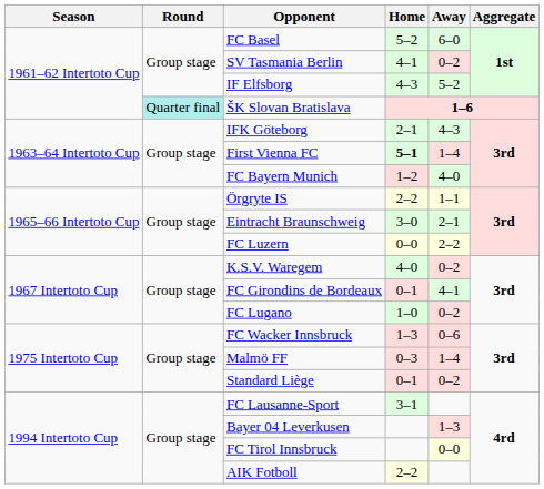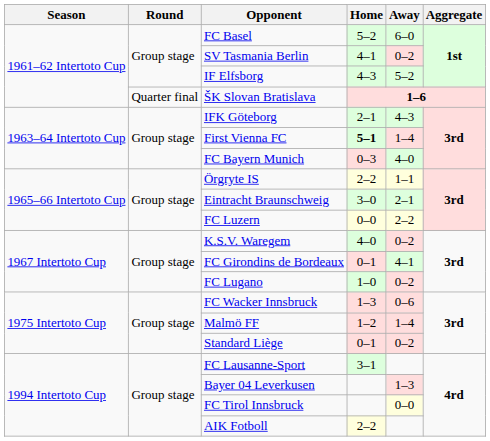 <table class="wikitable">
 <tr>
 <th>Season</th>
 <th>Round</th>
 <th>Opponent</th>
 <th>Home</th>
 <th>Away</th>
 <th>Aggregate</th>
 </tr>
 <tr>
 <td rowspan=4><a href='#'>1961–62 Intertoto Cup</a></td>
 <td rowspan=3>Group stage</td>
 <td> <a href='#'>FC Basel</a></td>
 <td bgcolor="#ddffdd" style="text-align:center;">5–2</td>
 <td bgcolor="#ddffdd" style="text-align:center;">6–0</td>
 <td bgcolor="#ddffdd" style="text-align:center;" rowspan=3><strong>1st</strong></td>
 </tr>
 <tr>
 <td> <a href='#'>SV Tasmania Berlin</a></td>
 <td bgcolor="#ddffdd" style="text-align:center;">4–1</td>
 <td bgcolor="#ffdddd" style="text-align:center;">0–2</td>
 </tr>
 <tr>
 <td> <a href='#'>IF Elfsborg</a></td>
 <td bgcolor="#ddffdd" style="text-align:center;">4–3</td>
 <td bgcolor="#ddffdd" style="text-align:center;">5–2</td>
 </tr>
 <tr>
-<td style="background: paleturquoise;">Quarter final</td>
+<td>Quarter final</td>
 <td> <a href='#'>ŠK Slovan Bratislava</a></td>
 <td colspan=3 bgcolor="#ffdddd" style="text-align:center;"><strong>1–6</strong></td>
 </tr>
 <tr>
 <td rowspan=3><a href='#'>1963–64 Intertoto Cup</a></td>
 <td rowspan=3>Group stage</td>
 <td> <a href='#'>IFK Göteborg</a></td>
 <td bgcolor="#ddffdd" style="text-align:center;">2–1</td>
 <td bgcolor="#ddffdd" style="text-align:center;">4–3</td>
 <td bgcolor="#ffdddd" style="text-align:center;" rowspan=3><strong>3rd</strong></td>
 </tr>
 <tr>
 <td> <a href='#'>First Vienna FC</a></td>
 <td bgcolor="#ddffdd" style="text-align:center;"><strong>5–1</strong></td>
 <td bgcolor="#ffdddd" style="text-align:center;">1–4</td>
 </tr>
 <tr>
 <td> <a href='#'>FC Bayern Munich</a></td>
-<td bgcolor="#ffdddd" style="text-align:center;">1–2</td>
+<td bgcolor="#ffdddd" style="text-align:center;">0–3</td>
 <td bgcolor="#ddffdd" style="text-align:center;">4–0</td>
 </tr>
 <tr>
 <td rowspan=3><a href='#'>1965–66 Intertoto Cup</a></td>
 <td rowspan=3>Group stage</td>
 <td> <a href='#'>Örgryte IS</a></td>
 <td bgcolor="#ffffdd" style="text-align:center;">2–2</td>
 <td bgcolor="#ffffdd" style="text-align:center;">1–1</td>
 <td bgcolor="#ffdddd" style="text-align:center;" rowspan=3><strong>3rd</strong></td>
 </tr>
 <tr>
 <td> <a href='#'>Eintracht Braunschweig</a></td>
 <td bgcolor="#ddffdd" style="text-align:center;">3–0</td>
 <td bgcolor="#ddffdd" style="text-align:center;">2–1</td>
 </tr>
 <tr>
 <td> <a href='#'>FC Luzern</a></td>
 <td bgcolor="#ffffdd" style="text-align:center;">0–0</td>
 <td bgcolor="#ffffdd" style="text-align:center;">2–2</td>
 </tr>
 <tr>
 <td rowspan=3><a href='#'>1967 Intertoto Cup</a></td>
 <td rowspan=3>Group stage</td>
 <td> <a href='#'>K.S.V. Waregem</a></td>
 <td bgcolor="#ddffdd" style="text-align:center;">4–0</td>
 <td bgcolor="#ffdddd" style="text-align:center;">0–2</td>
 <td style="text-align:center;" rowspan=3><strong>3rd</strong></td>
 </tr>
 <tr>
 <td> <a href='#'>FC Girondins de Bordeaux</a></td>
 <td bgcolor="#ffdddd" style="text-align:center;">0–1</td>
 <td bgcolor="#ddffdd" style="text-align:center;">4–1</td>
 </tr>
 <tr>
 <td> <a href='#'>FC Lugano</a></td>
 <td bgcolor="#ddffdd" style="text-align:center;">1–0</td>
 <td bgcolor="#ffdddd" style="text-align:center;">0–2</td>
 </tr>
 <tr>
 <td rowspan=3><a href='#'>1975 Intertoto Cup</a></td>
 <td rowspan=3>Group stage</td>
 <td> <a href='#'>FC Wacker Innsbruck</a></td>
 <td bgcolor="#ffdddd" style="text-align:center;">1–3</td>
 <td bgcolor="#ffdddd" style="text-align:center;">0–6</td>
 <td style="text-align:center;" rowspan=3><strong>3rd</strong></td>
 </tr>
 <tr>
 <td> <a href='#'>Malmö FF</a></td>
-<td bgcolor="#ffdddd" style="text-align:center;">0–3</td>
+<td bgcolor="#ffdddd" style="text-align:center;">1–2</td>
 <td bgcolor="#ffdddd" style="text-align:center;">1–4</td>
 </tr>
 <tr>
 <td> <a href='#'>Standard Liège</a></td>
 <td bgcolor="#ffdddd" style="text-align:center;">0–1</td>
 <td bgcolor="#ffdddd" style="text-align:center;">0–2</td>
 </tr>
 <tr>
 <td rowspan=4><a href='#'>1994 Intertoto Cup</a></td>
 <td rowspan=4>Group stage</td>
 <td> <a href='#'>FC Lausanne-Sport</a></td>
 <td bgcolor="#ddffdd" style="text-align:center;">3–1</td>
 <td></td>
 <td style="text-align:center;" rowspan=4><strong>4rd</strong></td>
 </tr>
 <tr>
 <td> <a href='#'>Bayer 04 Leverkusen</a></td>
 <td></td>
 <td bgcolor="#ffdddd" style="text-align:center;">1–3</td>
 </tr>
 <tr>
 <td> <a href='#'>FC Tirol Innsbruck</a></td>
 <td></td>
 <td bgcolor="#ffffdd" style="text-align:center;">0–0</td>
 </tr>
 <tr>
 <td> <a href='#'>AIK Fotboll</a></td>
 <td bgcolor="#ffffdd" style="text-align:center;">2–2</td>
 <td></td>
 </tr>
 </table>
